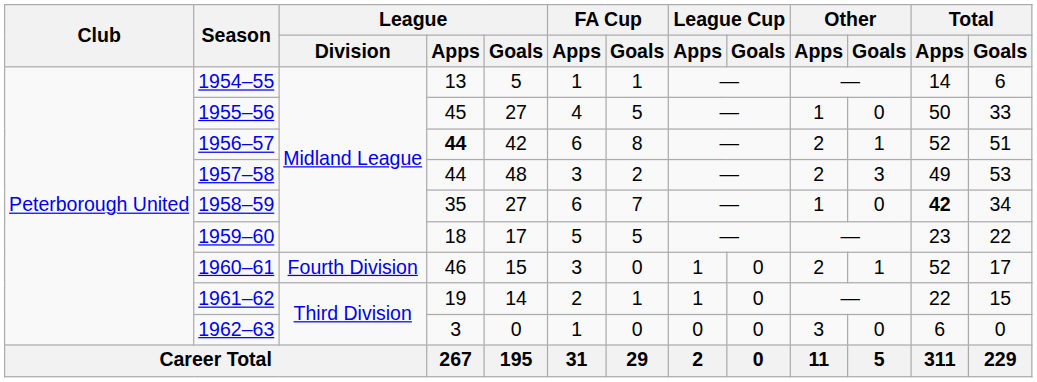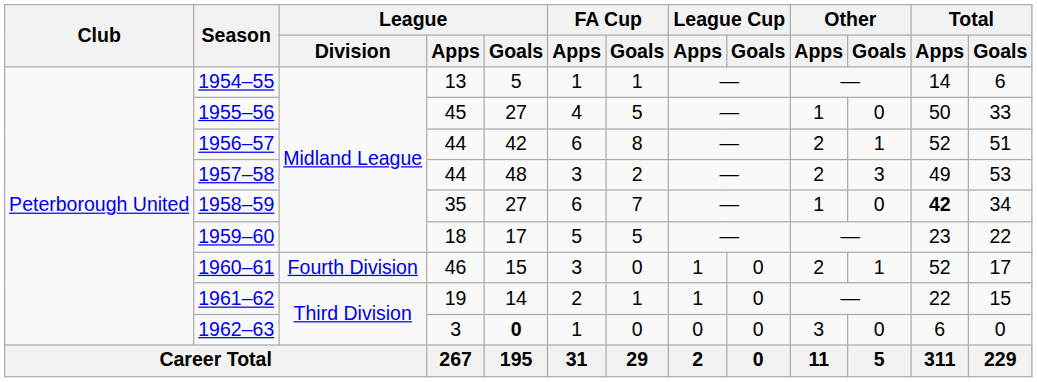 <table class="wikitable" style="text-align: center;">
 <tr>
 <th rowspan="2">Club</th>
 <th rowspan="2">Season</th>
 <th colspan="3">League</th>
 <th colspan="2">FA Cup</th>
 <th colspan="2">League Cup</th>
 <th colspan="2">Other</th>
 <th colspan="2">Total</th>
 </tr>
 <tr>
 <th>Division</th>
 <th>Apps</th>
 <th>Goals</th>
 <th>Apps</th>
 <th>Goals</th>
 <th>Apps</th>
 <th>Goals</th>
 <th>Apps</th>
 <th>Goals</th>
 <th>Apps</th>
 <th>Goals</th>
 </tr>
 <tr>
 <td rowspan="9"><a href='#'>Peterborough United</a></td>
 <td><a href='#'>1954–55</a></td>
 <td rowspan="6"><a href='#'>Midland League</a></td>
 <td>13</td>
 <td>5</td>
 <td>1</td>
 <td>1</td>
 <td colspan="2">—</td>
 <td colspan="2">—</td>
 <td>14</td>
 <td>6</td>
 </tr>
 <tr>
 <td><a href='#'>1955–56</a></td>
 <td>45</td>
 <td>27</td>
 <td>4</td>
 <td>5</td>
 <td colspan="2">—</td>
 <td>1</td>
 <td>0</td>
 <td>50</td>
 <td>33</td>
 </tr>
 <tr>
 <td><a href='#'>1956–57</a></td>
-<td><strong>44</strong></td>
+<td>44</td>
 <td>42</td>
 <td>6</td>
 <td>8</td>
 <td colspan="2">—</td>
 <td>2</td>
 <td>1</td>
 <td>52</td>
 <td>51</td>
 </tr>
 <tr>
 <td><a href='#'>1957–58</a></td>
 <td>44</td>
 <td>48</td>
 <td>3</td>
 <td>2</td>
 <td colspan="2">—</td>
 <td>2</td>
 <td>3</td>
 <td>49</td>
 <td>53</td>
 </tr>
 <tr>
 <td><a href='#'>1958–59</a></td>
 <td>35</td>
 <td>27</td>
 <td>6</td>
 <td>7</td>
 <td colspan="2">—</td>
 <td>1</td>
 <td>0</td>
 <td><strong>42</strong></td>
 <td>34</td>
 </tr>
 <tr>
 <td><a href='#'>1959–60</a></td>
 <td>18</td>
 <td>17</td>
 <td>5</td>
 <td>5</td>
 <td colspan="2">—</td>
 <td colspan="2">—</td>
 <td>23</td>
 <td>22</td>
 </tr>
 <tr>
 <td><a href='#'>1960–61</a></td>
 <td><a href='#'>Fourth Division</a></td>
 <td>46</td>
 <td>15</td>
 <td>3</td>
 <td>0</td>
 <td>1</td>
 <td>0</td>
 <td>2</td>
 <td>1</td>
 <td>52</td>
 <td>17</td>
 </tr>
 <tr>
 <td><a href='#'>1961–62</a></td>
 <td rowspan="2"><a href='#'>Third Division</a></td>
 <td>19</td>
 <td>14</td>
 <td>2</td>
 <td>1</td>
 <td>1</td>
 <td>0</td>
 <td colspan="2">—</td>
 <td>22</td>
 <td>15</td>
 </tr>
 <tr>
 <td><a href='#'>1962–63</a></td>
 <td>3</td>
-<td>0</td>
+<td><strong>0</strong></td>
 <td>1</td>
 <td>0</td>
 <td>0</td>
 <td>0</td>
 <td>3</td>
 <td>0</td>
 <td>6</td>
 <td>0</td>
 </tr>
 <tr>
 <th colspan="3">Career Total</th>
 <th>267</th>
 <th>195</th>
 <th>31</th>
 <th>29</th>
 <th>2</th>
 <th>0</th>
 <th>11</th>
 <th>5</th>
 <th>311</th>
 <th>229</th>
 </tr>
 </table>
